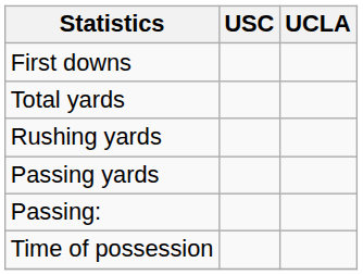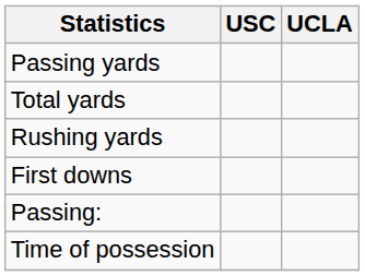 <table class="wikitable" style="float: left;">
 <tr>
 <th>Statistics</th>
 <th>USC</th>
 <th>UCLA</th>
 </tr>
 <tr>
-<td>First downs</td>
+<td>Passing yards</td>
 <td></td>
 <td></td>
 </tr>
 <tr>
 <td>Total yards</td>
 <td></td>
 <td></td>
 </tr>
 <tr>
 <td>Rushing yards</td>
 <td></td>
 <td></td>
 </tr>
 <tr>
-<td>Passing yards</td>
+<td>First downs</td>
 <td></td>
 <td></td>
 </tr>
 <tr>
 <td>Passing:</td>
 <td></td>
 <td></td>
 </tr>
 <tr>
 <td>Time of possession</td>
 <td></td>
 <td></td>
 </tr>
 <tr>
 </tr>
 </table>
